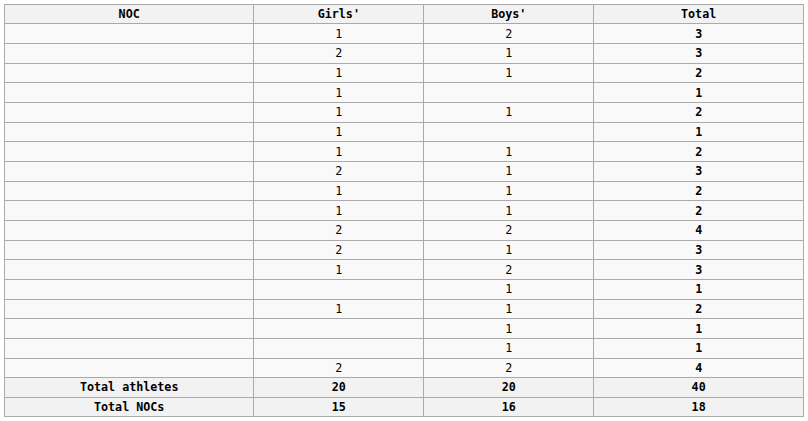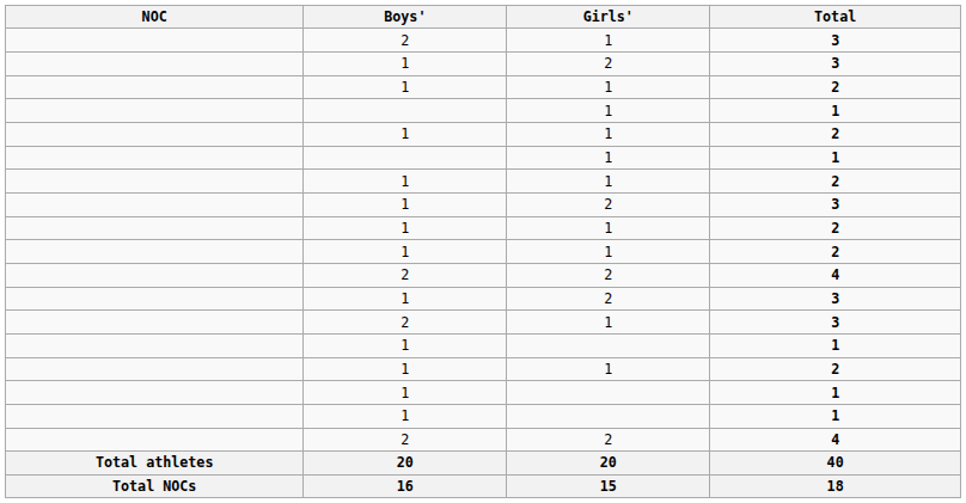 <table class="wikitable collapsible sortable"  style="width:800px; text-align:center; font-size:90%;">
 <tr>
 <th style="text-align:center; width:120px;"><strong>NOC</strong></th>
+<th width=80><strong>Boys' </strong></th>
 <th width=80><strong>Girls' </strong></th>
-<th width=80><strong>Boys' </strong></th>
 <th width=100><strong>Total</strong></th>
+</tr>
+<tr>
+<td align=left></td>
+<td>2</td>
+<td>1</td>
+<td><strong>3</strong></td>
+</tr>
+<tr>
+<td align=left></td>
+<td>1</td>
+<td>2</td>
+<td><strong>3</strong></td>
+</tr>
+<tr>
+<td align=left></td>
+<td>1</td>
+<td>1</td>
+<td><strong>2</strong></td>
+</tr>
+<tr>
+<td align=left></td>
+<td></td>
+<td>1</td>
+<td><strong>1</strong></td>
+</tr>
+<tr>
+<td align=left></td>
+<td>1</td>
+<td>1</td>
+<td><strong>2</strong></td>
+</tr>
+<tr>
+<td align=left></td>
+<td></td>
+<td>1</td>
+<td><strong>1</strong></td>
+</tr>
+<tr>
+<td align=left></td>
+<td>1</td>
+<td>1</td>
+<td><strong>2</strong></td>
+</tr>
+<tr>
+<td align=left></td>
+<td>1</td>
+<td>2</td>
+<td><strong>3</strong></td>
+</tr>
+<tr>
+<td align=left></td>
+<td>1</td>
+<td>1</td>
+<td><strong>2</strong></td>
+</tr>
+<tr>
+<td align=left></td>
+<td>1</td>
+<td>1</td>
+<td><strong>2</strong></td>
+</tr>
+<tr>
+<td align=left></td>
+<td>2</td>
+<td>2</td>
+<td><strong>4</strong></td>
 </tr>
 <tr>
 <td align=left></td>
 <td>1</td>
 <td>2</td>
 <td><strong>3</strong></td>
 </tr>
 <tr>
 <td align=left></td>
 <td>2</td>
 <td>1</td>
 <td><strong>3</strong></td>
-</tr>
-<tr>
-<td align=left></td>
-<td>1</td>
-<td>1</td>
-<td><strong>2</strong></td>
 </tr>
 <tr>
 <td align=left></td>
 <td>1</td>
 <td></td>
 <td><strong>1</strong></td>
 </tr>
 <tr>
 <td align=left></td>
 <td>1</td>
 <td>1</td>
 <td><strong>2</strong></td>
 </tr>
 <tr>
 <td align=left></td>
 <td>1</td>
 <td></td>
 <td><strong>1</strong></td>
 </tr>
 <tr>
 <td align=left></td>
 <td>1</td>
-<td>1</td>
-<td><strong>2</strong></td>
-</tr>
-<tr>
-<td align=left></td>
-<td>2</td>
-<td>1</td>
-<td><strong>3</strong></td>
-</tr>
-<tr>
-<td align=left></td>
-<td>1</td>
-<td>1</td>
-<td><strong>2</strong></td>
-</tr>
-<tr>
-<td align=left></td>
-<td>1</td>
-<td>1</td>
-<td><strong>2</strong></td>
-</tr>
-<tr>
-<td align=left></td>
-<td>2</td>
-<td>2</td>
-<td><strong>4</strong></td>
-</tr>
-<tr>
-<td align=left></td>
-<td>2</td>
-<td>1</td>
-<td><strong>3</strong></td>
-</tr>
-<tr>
-<td align=left></td>
-<td>1</td>
-<td>2</td>
-<td><strong>3</strong></td>
-</tr>
-<tr>
-<td align=left></td>
 <td></td>
-<td>1</td>
-<td><strong>1</strong></td>
-</tr>
-<tr>
-<td align=left></td>
-<td>1</td>
-<td>1</td>
-<td><strong>2</strong></td>
-</tr>
-<tr>
-<td align=left></td>
-<td></td>
-<td>1</td>
-<td><strong>1</strong></td>
-</tr>
-<tr>
-<td align=left></td>
-<td></td>
-<td>1</td>
 <td><strong>1</strong></td>
 </tr>
 <tr>
 <td align=left></td>
 <td>2</td>
 <td>2</td>
 <td><strong>4</strong></td>
 </tr>
 <tr class="sortbottom">
 <th>Total athletes</th>
 <th>20</th>
 <th>20</th>
 <th><strong>40</strong></th>
 </tr>
 <tr class="sortbottom">
 <th>Total NOCs</th>
+<th>16</th>
 <th>15</th>
-<th>16</th>
 <th><strong>18</strong></th>
 </tr>
 </table>
